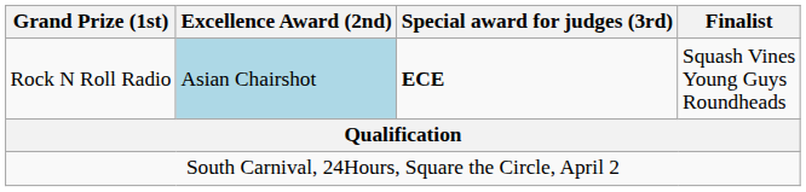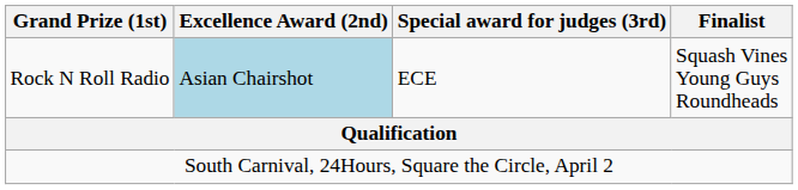 <table class="wikitable">
 <tr>
 <th scope="col">Grand Prize (1st)</th>
 <th scope="col">Excellence Award (2nd)</th>
 <th scope="col">Special award for judges (3rd)</th>
 <th scope="col">Finalist</th>
 </tr>
 <tr>
 <td scope="row">Rock N Roll Radio</td>
 <td scope="row" style="background: lightblue;">Asian Chairshot</td>
-<td scope="row"><strong>ECE</strong></td>
+<td scope="row">ECE</td>
 <td scope="row">Squash Vines<br>Young Guys<br>Roundheads</td>
 </tr>
 <tr>
 <th colspan="4" align="center">Qualification</th>
 </tr>
 <tr>
 <td colspan="4" align="center">South Carnival, 24Hours, Square the Circle, April 2</td>
 </tr>
 </table>
